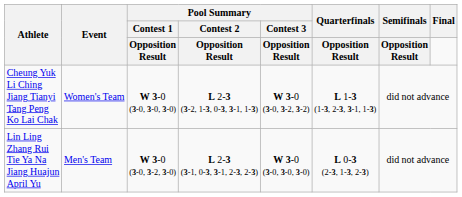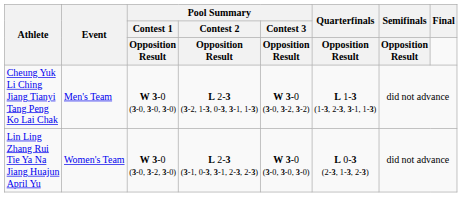 <table class="wikitable" border="1" style="font-size:90%">
 <tr>
 <th rowspan=3>Athlete</th>
 <th rowspan=3>Event</th>
 <th colspan=3>Pool Summary</th>
 <th rowspan=2>Quarterfinals</th>
 <th rowspan=2>Semifinals</th>
 <th rowspan=2>Final</th>
 </tr>
 <tr>
 <th>Contest 1</th>
 <th>Contest 2</th>
 <th>Contest 3</th>
 </tr>
 <tr>
 <th>Opposition<br>Result</th>
 <th>Opposition<br>Result</th>
 <th>Opposition<br>Result</th>
 <th>Opposition<br>Result</th>
 <th>Opposition<br>Result</th>
 </tr>
 <tr>
 <td><a href='#'>Cheung Yuk</a><br><a href='#'>Li Ching</a><br><a href='#'>Jiang Tianyi</a><br><a href='#'>Tang Peng</a><br><a href='#'>Ko Lai Chak</a></td>
-<td><a href='#'>Women's Team</a></td>
+<td><a href='#'>Men's Team</a></td>
 <td align=center><br><strong>W</strong> <strong>3</strong>-0<br><small>(<strong>3</strong>-0, <strong>3</strong>-0, <strong>3</strong>-0)</small></td>
 <td align=center><br><strong>L</strong> 2-<strong>3</strong><br><small>(<strong>3</strong>-2, 1-<strong>3</strong>, 0-<strong>3</strong>, <strong>3</strong>-1, 1-<strong>3</strong>)</small></td>
 <td align=center><br><strong>W</strong> <strong>3</strong>-0<br><small>(<strong>3</strong>-0, <strong>3</strong>-2, <strong>3</strong>-2)</small></td>
 <td align=center><br><strong>L</strong> 1-<strong>3</strong><br><small>(1-<strong>3</strong>, 2-<strong>3</strong>, <strong>3</strong>-1, 1-<strong>3</strong>)</small></td>
 <td align=center colspan="7">did not advance</td>
 </tr>
 <tr>
 <td><a href='#'>Lin Ling</a><br><a href='#'>Zhang Rui</a><br><a href='#'>Tie Ya Na</a><br><a href='#'>Jiang Huajun</a><br><a href='#'>April Yu</a></td>
-<td><a href='#'>Men's Team</a></td>
+<td><a href='#'>Women's Team</a></td>
 <td align=center><br><strong>W</strong> <strong>3</strong>-0<br><small>(<strong>3</strong>-0, <strong>3</strong>-2, <strong>3</strong>-0)</small></td>
 <td align=center><br><strong>L</strong> 2-<strong>3</strong><br><small>(<strong>3</strong>-1, 0-<strong>3</strong>, <strong>3</strong>-1, 2-<strong>3</strong>, 2-<strong>3</strong>)</small></td>
 <td align=center><br><strong>W</strong> <strong>3</strong>-0<br><small>(<strong>3</strong>-0, <strong>3</strong>-0, <strong>3</strong>-0)</small></td>
 <td align=center><br><strong>L</strong> 0-<strong>3</strong><br><small>(2-<strong>3</strong>, 1-<strong>3</strong>, 2-<strong>3</strong>)</small></td>
 <td align=center colspan="7">did not advance</td>
 </tr>
 </table>
